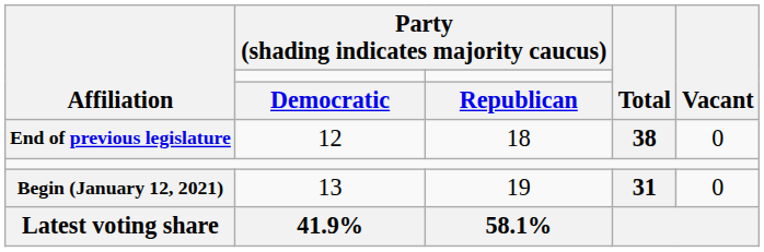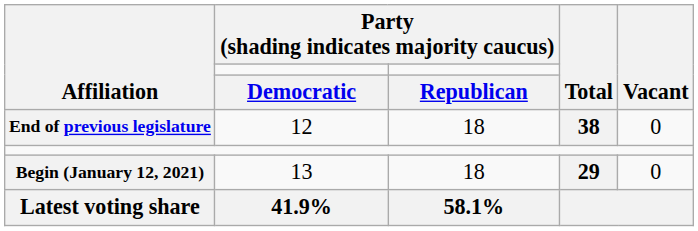 <table class="wikitable" style="text-align:center">
 <tr style="vertical-align:bottom">
 <th rowspan=3>Affiliation</th>
 <th colspan=2>Party<div>(shading indicates majority caucus)</div></th>
 <th rowspan=3>Total</th>
 <th rowspan=3>Vacant</th>
 </tr>
 <tr style="height:5px">
 <td style="background-color:"></td>
 <td style="background-color:"></td>
 </tr>
 <tr>
 <th><a href='#'>Democratic</a></th>
 <th><a href='#'>Republican</a></th>
 </tr>
 <tr>
 <th style="font-size:80%">End of <a href='#'>previous legislature</a></th>
 <td>12</td>
 <td>18</td>
 <th>38</th>
 <td>0</td>
 </tr>
 <tr>
 <td colspan=6></td>
 </tr>
 <tr>
 <th style="font-size:80%">Begin (January 12, 2021)</th>
 <td>13</td>
-<td>19</td>
-<th>31</th>
+<td>18</td>
+<th>29</th>
 <td>0</td>
 </tr>
 <tr>
 <th>Latest voting share</th>
 <th colspan=1>41.9%</th>
 <th>58.1%</th>
 <th colspan=2> </th>
 </tr>
 </table>
